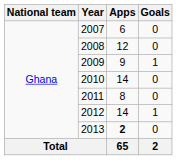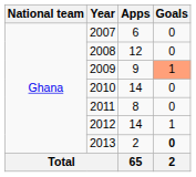 <table class="wikitable" style="text-align:center">
 <tr>
 <th>National team</th>
 <th>Year</th>
 <th>Apps</th>
 <th>Goals</th>
 </tr>
 <tr>
 <td rowspan="7"><a href='#'>Ghana</a></td>
 <td>2007</td>
 <td>6</td>
 <td>0</td>
 </tr>
 <tr>
 <td>2008</td>
 <td>12</td>
 <td>0</td>
 </tr>
 <tr>
 <td>2009</td>
 <td>9</td>
-<td>1</td>
+<td style="background: lightsalmon;">1</td>
 </tr>
 <tr>
 <td>2010</td>
 <td>14</td>
 <td>0</td>
 </tr>
 <tr>
 <td>2011</td>
 <td>8</td>
 <td>0</td>
 </tr>
 <tr>
 <td>2012</td>
 <td>14</td>
 <td>1</td>
 </tr>
 <tr>
 <td>2013</td>
-<td><strong>2</strong></td>
-<td>0</td>
+<td>2</td>
+<td><strong>0</strong></td>
 </tr>
 <tr>
 <th colspan="2">Total</th>
 <th>65</th>
 <th>2</th>
 </tr>
 </table>
